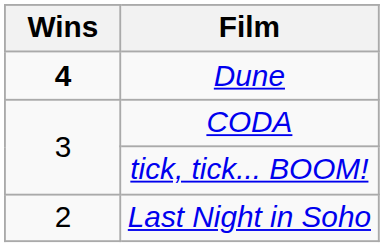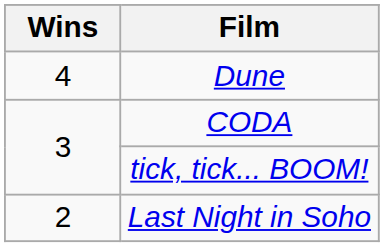 <table class="wikitable" rowspan="2" style="text-align:center" background: #f6e39c;>
 <tr>
 <th scope="col" style="width:55px;">Wins</th>
 <th scope="col" style="text-align:center;">Film</th>
 </tr>
 <tr>
-<td rowspan="1" style="text-align:center"><strong>4</strong></td>
+<td rowspan="1" style="text-align:center">4</td>
 <td><em><a href='#'>Dune</a></em></td>
 </tr>
 <tr>
 <td rowspan="2" style="text-align:center">3</td>
 <td><em><a href='#'>CODA</a></em></td>
 </tr>
 <tr>
 <td><em><a href='#'>tick, tick... BOOM!</a></em></td>
 </tr>
 <tr>
 <td rowspan="1" style="text-align:center">2</td>
 <td><em><a href='#'>Last Night in Soho</a></em></td>
 </tr>
 </table>
